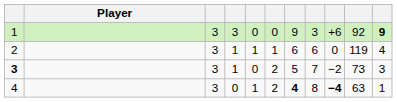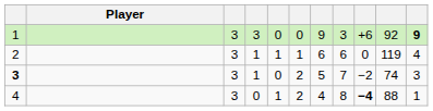 <table class="wikitable" style="text-align:center; margin: 1em auto 1em auto, align:left">
 <tr>
 <th width=20></th>
 <th width=240>Player</th>
 <th width=20></th>
 <th width=20></th>
 <th width=20></th>
 <th width=20></th>
 <th width=20></th>
 <th width=20></th>
 <th width=20></th>
 <th width=30></th>
 <th width=20></th>
 </tr>
 <tr style="background:#D0F0C0;">
 <td>1</td>
 <td align=left></td>
 <td>3</td>
 <td>3</td>
 <td>0</td>
 <td>0</td>
 <td>9</td>
 <td>3</td>
 <td>+6</td>
 <td>92</td>
 <td><strong>9</strong></td>
 </tr>
 <tr style=>
 <td>2</td>
 <td align=left></td>
 <td>3</td>
 <td>1</td>
 <td>1</td>
 <td>1</td>
 <td>6</td>
 <td>6</td>
 <td>0</td>
 <td>119</td>
 <td>4</td>
 </tr>
 <tr style=>
 <td><strong>3</strong></td>
 <td align=left></td>
 <td>3</td>
 <td>1</td>
 <td>0</td>
 <td>2</td>
 <td>5</td>
 <td>7</td>
 <td>−2</td>
-<td>73</td>
+<td>74</td>
 <td>3</td>
 </tr>
 <tr style=>
 <td>4</td>
 <td align=left></td>
 <td>3</td>
 <td>0</td>
 <td>1</td>
 <td>2</td>
-<td><strong>4</strong></td>
+<td>4</td>
 <td>8</td>
 <td><strong>−4</strong></td>
-<td>63</td>
+<td>88</td>
 <td>1</td>
 </tr>
 </table>
